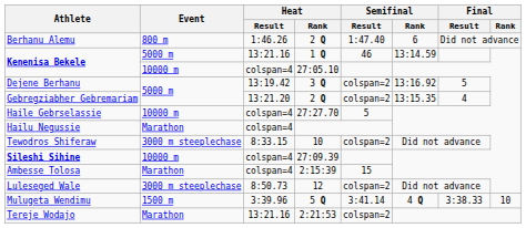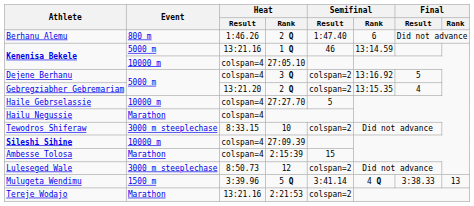 <table class="wikitable" style="font-size:90%">
 <tr>
 <th rowspan="2">Athlete</th>
 <th rowspan="2">Event</th>
 <th colspan="2">Heat</th>
 <th colspan="2">Semifinal</th>
 <th colspan="2">Final</th>
 </tr>
 <tr style="font-size:95%">
 <th>Result</th>
 <th>Rank</th>
 <th>Result</th>
 <th>Rank</th>
 <th>Result</th>
 <th>Rank</th>
 </tr>
 <tr align=center>
 <td align=left><a href='#'>Berhanu Alemu</a></td>
 <td align=left><a href='#'>800 m</a></td>
 <td>1:46.26</td>
 <td>2 <strong>Q</strong></td>
 <td>1:47.40</td>
 <td>6</td>
 <td colspan=2>Did not advance</td>
 </tr>
 <tr align=center>
 <td align=left rowspan=2><strong><a href='#'>Kenenisa Bekele</a></strong></td>
 <td align=left><a href='#'>5000 m</a></td>
 <td>13:21.16</td>
 <td>1 <strong>Q</strong></td>
 <td>46</td>
 <td>13:14.59</td>
 <td></td>
 </tr>
 <tr align=center>
 <td align=left><a href='#'>10000 m</a></td>
 <td>colspan=4 </td>
 <td>27:05.10 </td>
 <td></td>
 </tr>
 <tr align=center>
 <td align=left><a href='#'>Dejene Berhanu</a></td>
 <td align=left rowspan=2><a href='#'>5000 m</a></td>
-<td>13:19.42</td>
+<td>colspan=4 </td>
 <td>3 <strong>Q</strong></td>
 <td>colspan=2 </td>
 <td>13:16.92</td>
 <td>5</td>
 </tr>
 <tr align=center>
 <td align=left><a href='#'>Gebregziabher Gebremariam</a></td>
 <td>13:21.20</td>
 <td>2 <strong>Q</strong></td>
 <td>colspan=2 </td>
 <td>13:15.35</td>
 <td>4</td>
 </tr>
 <tr align=center>
 <td align=left><a href='#'>Haile Gebrselassie</a></td>
 <td align=left><a href='#'>10000 m</a></td>
 <td>colspan=4 </td>
 <td>27:27.70</td>
 <td>5</td>
 </tr>
 <tr align=center>
 <td align=left><a href='#'>Hailu Negussie</a></td>
 <td align=left><a href='#'>Marathon</a></td>
 <td>colspan=4 </td>
 <td colspan=2></td>
 </tr>
 <tr align=center>
 <td align=left><a href='#'>Tewodros Shiferaw</a></td>
 <td align=left><a href='#'>3000 m steeplechase</a></td>
 <td>8:33.15</td>
 <td>10</td>
 <td>colspan=2 </td>
 <td colspan=2>Did not advance</td>
 </tr>
 <tr align=center>
 <td align=left><strong><a href='#'>Sileshi Sihine</a></strong></td>
 <td align=left><a href='#'>10000 m</a></td>
 <td>colspan=4 </td>
 <td>27:09.39</td>
 <td></td>
 </tr>
 <tr align=center>
 <td align=left><a href='#'>Ambesse Tolosa</a></td>
 <td align=left><a href='#'>Marathon</a></td>
 <td>colspan=4 </td>
 <td>2:15:39</td>
 <td>15</td>
 </tr>
 <tr align=center>
 <td align=left><a href='#'>Luleseged Wale</a></td>
 <td align=left><a href='#'>3000 m steeplechase</a></td>
 <td>8:50.73</td>
 <td>12</td>
 <td>colspan=2 </td>
 <td colspan=2>Did not advance</td>
 </tr>
 <tr align=center>
 <td align=left><a href='#'>Mulugeta Wendimu</a></td>
 <td align=left><a href='#'>1500 m</a></td>
 <td>3:39.96</td>
 <td>5 <strong>Q</strong></td>
 <td>3:41.14</td>
 <td>4 <strong>Q</strong></td>
 <td>3:38.33</td>
-<td>10</td>
+<td>13</td>
 </tr>
 <tr align=center>
 <td align=left><a href='#'>Tereje Wodajo</a></td>
 <td align=left><a href='#'>Marathon</a></td>
 <td>13:21.16</td>
 <td>2:21:53</td>
 <td>colspan=2 </td>
 </tr>
 </table>
